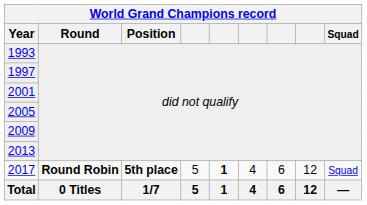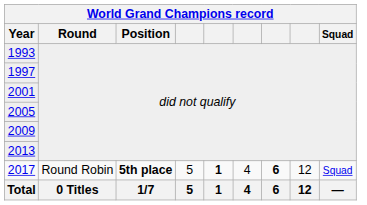 <table class="wikitable" style="text-align:center">
 <tr>
 <th colspan=9><a href='#'>World Grand Champions record</a></th>
 </tr>
 <tr>
 <th>Year</th>
 <th>Round</th>
 <th>Position</th>
 <th width=30></th>
 <th width=30></th>
 <th width=30></th>
 <th width=30></th>
 <th width=30></th>
 <th><small>Squad</small></th>
 </tr>
 <tr bgcolor="efefef">
 <td> <a href='#'>1993</a></td>
 <td rowspan=6 colspan=8><em>did not qualify</em></td>
 </tr>
 <tr bgcolor="efefef">
 <td> <a href='#'>1997</a></td>
 </tr>
 <tr bgcolor="efefef">
 <td> <a href='#'>2001</a></td>
 </tr>
 <tr bgcolor="efefef">
 <td> <a href='#'>2005</a></td>
 </tr>
 <tr bgcolor="efefef">
 <td> <a href='#'>2009</a></td>
 </tr>
 <tr bgcolor="efefef">
 <td> <a href='#'>2013</a></td>
 </tr>
 <tr>
 <td> <a href='#'>2017</a></td>
-<td><strong>Round Robin</strong></td>
+<td>Round Robin</td>
 <td><strong>5th place</strong></td>
 <td>5</td>
 <td><strong>1</strong></td>
 <td>4</td>
-<td>6</td>
+<td><strong>6</strong></td>
 <td>12</td>
 <td><small><a href='#'>Squad</a></small></td>
 </tr>
 <tr>
 <th colspan=1>Total</th>
 <th>0 Titles</th>
 <th>1/7</th>
 <th>5</th>
 <th>1</th>
 <th>4</th>
 <th>6</th>
 <th>12</th>
 <th>—</th>
 </tr>
 </table>
